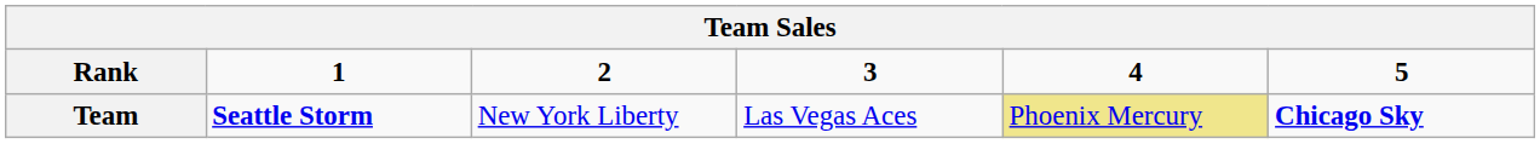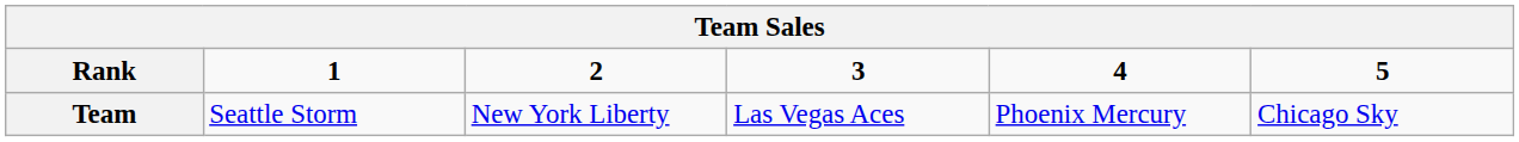 <table class="wikitable" style="width: 100%">
 <tr>
 <th colspan=11>Team Sales</th>
 </tr>
 <tr align=center>
 <th width=7%>Rank</th>
 <td width=9.3%><strong>1</strong></td>
 <td width=9.3%><strong>2</strong></td>
 <td width=9.3%><strong>3</strong></td>
 <td width=9.3%><strong>4</strong></td>
 <td width=9.3%><strong>5</strong></td>
 </tr>
 <tr>
 <th width=7%>Team</th>
-<td><strong><a href='#'>Seattle Storm</a></strong></td>
+<td><a href='#'>Seattle Storm</a></td>
 <td><a href='#'>New York Liberty</a></td>
 <td><a href='#'>Las Vegas Aces</a></td>
-<td style="background: khaki;"><a href='#'>Phoenix Mercury</a></td>
-<td><strong><a href='#'>Chicago Sky</a></strong></td>
+<td><a href='#'>Phoenix Mercury</a></td>
+<td><a href='#'>Chicago Sky</a></td>
 </tr>
 </table>
